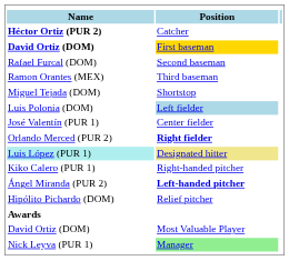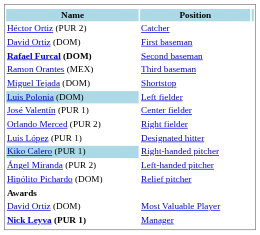 <table cellpadding="1" width="350px" style="font-size: 80%; border: 1px solid gray;">
 <tr align="center" style="font-size: larger;">
 <td colspan=6></td>
 </tr>
 <tr>
 <th style="background:lightblue;">Name</th>
 <th style="background:lightblue;">Position</th>
 <th style="background:lightblue;"></th>
 </tr>
 <tr>
-<td><strong><a href='#'>Héctor Ortiz</a> (PUR 2)</strong></td>
+<td><a href='#'>Héctor Ortiz</a> (PUR 2)</td>
 <td><a href='#'>Catcher</a></td>
 </tr>
 <tr>
-<td><strong><a href='#'>David Ortiz</a> (DOM)</strong></td>
-<td style="background: gold;"><a href='#'>First baseman</a></td>
+<td><a href='#'>David Ortiz</a> (DOM)</td>
+<td><a href='#'>First baseman</a></td>
 </tr>
 <tr>
-<td><a href='#'>Rafael Furcal</a> (DOM)</td>
+<td><strong><a href='#'>Rafael Furcal</a> (DOM)</strong></td>
 <td><a href='#'>Second baseman</a></td>
 </tr>
 <tr>
 <td><a href='#'>Ramon Orantes</a> (MEX)</td>
 <td><a href='#'>Third baseman</a></td>
 </tr>
 <tr>
 <td><a href='#'>Miguel Tejada</a> (DOM)</td>
 <td><a href='#'>Shortstop</a></td>
 </tr>
 <tr>
-<td><a href='#'>Luis Polonia</a> (DOM)</td>
-<td style="background: lightblue;"><a href='#'>Left fielder</a></td>
+<td style="background: lightblue;"><a href='#'>Luis Polonia</a> (DOM)</td>
+<td><a href='#'>Left fielder</a></td>
 </tr>
 <tr>
 <td><a href='#'>José Valentín</a> (PUR 1)</td>
 <td><a href='#'>Center fielder</a></td>
 </tr>
 <tr>
 <td><a href='#'>Orlando Merced</a> (PUR 2)</td>
-<td><strong><a href='#'>Right fielder</a></strong></td>
+<td><a href='#'>Right fielder</a></td>
 </tr>
 <tr>
-<td style="background: paleturquoise;"><a href='#'>Luis López</a> (PUR 1)</td>
-<td style="background: khaki;"><a href='#'>Designated hitter</a></td>
+<td><a href='#'>Luis López</a> (PUR 1)</td>
+<td><a href='#'>Designated hitter</a></td>
 </tr>
 <tr>
-<td><a href='#'>Kiko Calero</a> (PUR 1)</td>
+<td style="background: lightblue;"><a href='#'>Kiko Calero</a> (PUR 1)</td>
 <td><a href='#'>Right-handed pitcher</a></td>
 </tr>
 <tr>
 <td><a href='#'>Ángel Miranda</a> (PUR 2)</td>
-<td><strong><a href='#'>Left-handed pitcher</a></strong></td>
+<td><a href='#'>Left-handed pitcher</a></td>
 </tr>
 <tr>
 <td><a href='#'>Hipólito Pichardo</a> (DOM)</td>
 <td><a href='#'>Relief pitcher</a></td>
 </tr>
 <tr>
 <td><strong>Awards</strong></td>
 </tr>
 <tr>
 <td><a href='#'>David Ortiz</a> (DOM)</td>
 <td><a href='#'>Most Valuable Player</a></td>
 </tr>
 <tr>
-<td><a href='#'>Nick Leyva</a> (PUR 1)</td>
-<td style="background: lightgreen;"><a href='#'>Manager</a></td>
+<td><strong><a href='#'>Nick Leyva</a> (PUR 1)</strong></td>
+<td><a href='#'>Manager</a></td>
 </tr>
 <tr>
 </tr>
 </table>
